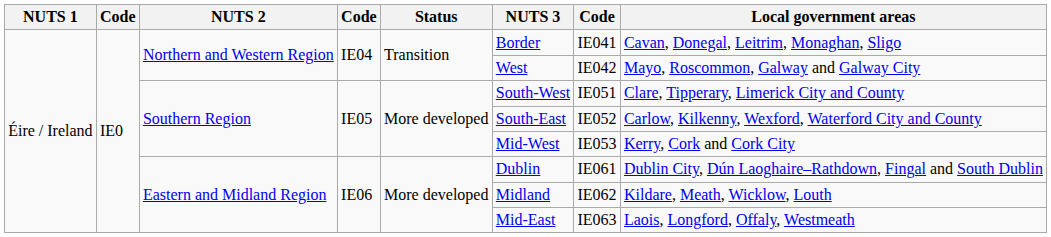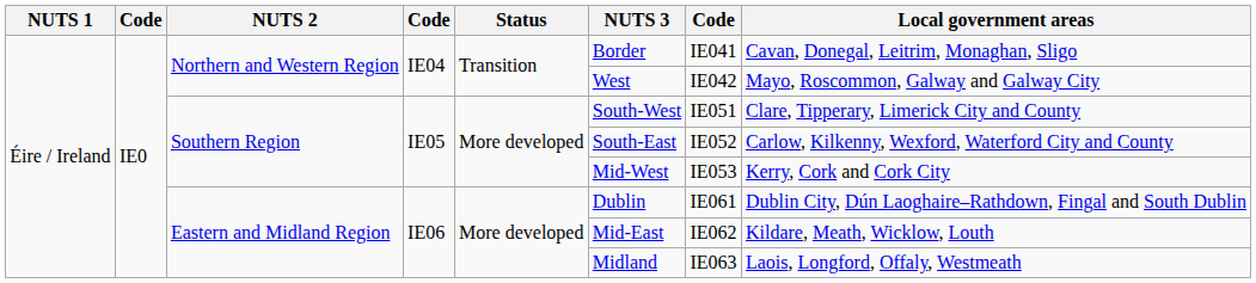 <table class="wikitable sortable">
 <tr>
 <th>NUTS 1</th>
 <th>Code</th>
 <th>NUTS 2</th>
 <th>Code</th>
 <th>Status</th>
 <th>NUTS 3</th>
 <th>Code</th>
 <th>Local government areas</th>
 </tr>
 <tr>
 <td rowspan=8>Éire / Ireland</td>
 <td rowspan=8>IE0</td>
 <td rowspan=2><a href='#'>Northern and Western Region</a></td>
 <td rowspan=2>IE04</td>
 <td rowspan=2>Transition</td>
 <td><a href='#'>Border</a></td>
 <td>IE041</td>
 <td><a href='#'>Cavan</a>, <a href='#'>Donegal</a>, <a href='#'>Leitrim</a>, <a href='#'>Monaghan</a>, <a href='#'>Sligo</a></td>
 </tr>
 <tr>
 <td><a href='#'>West</a></td>
 <td>IE042</td>
 <td><a href='#'>Mayo</a>, <a href='#'>Roscommon</a>, <a href='#'>Galway</a> and <a href='#'>Galway City</a></td>
 </tr>
 <tr>
 <td rowspan=3><a href='#'>Southern Region</a></td>
 <td rowspan=3>IE05</td>
 <td rowspan=3>More developed</td>
 <td><a href='#'>South-West</a></td>
 <td>IE051</td>
 <td><a href='#'>Clare</a>, <a href='#'>Tipperary</a>, <a href='#'>Limerick City and County</a></td>
 </tr>
 <tr>
 <td><a href='#'>South-East</a></td>
 <td>IE052</td>
 <td><a href='#'>Carlow</a>, <a href='#'>Kilkenny</a>, <a href='#'>Wexford</a>, <a href='#'>Waterford City and County</a></td>
 </tr>
 <tr>
 <td><a href='#'>Mid-West</a></td>
 <td>IE053</td>
 <td><a href='#'>Kerry</a>, <a href='#'>Cork</a> and <a href='#'>Cork City</a></td>
 </tr>
 <tr>
 <td rowspan=3><a href='#'>Eastern and Midland Region</a></td>
 <td rowspan=3>IE06</td>
 <td rowspan=3>More developed</td>
 <td><a href='#'>Dublin</a></td>
 <td>IE061</td>
 <td><a href='#'>Dublin City</a>, <a href='#'>Dún Laoghaire–Rathdown</a>, <a href='#'>Fingal</a> and <a href='#'>South Dublin</a></td>
 </tr>
 <tr>
-<td><a href='#'>Midland</a></td>
+<td><a href='#'>Mid-East</a></td>
 <td>IE062</td>
 <td><a href='#'>Kildare</a>, <a href='#'>Meath</a>, <a href='#'>Wicklow</a>, <a href='#'>Louth</a></td>
 </tr>
 <tr>
-<td><a href='#'>Mid-East</a></td>
+<td><a href='#'>Midland</a></td>
 <td>IE063</td>
 <td><a href='#'>Laois</a>, <a href='#'>Longford</a>, <a href='#'>Offaly</a>, <a href='#'>Westmeath</a></td>
 </tr>
 </table>
